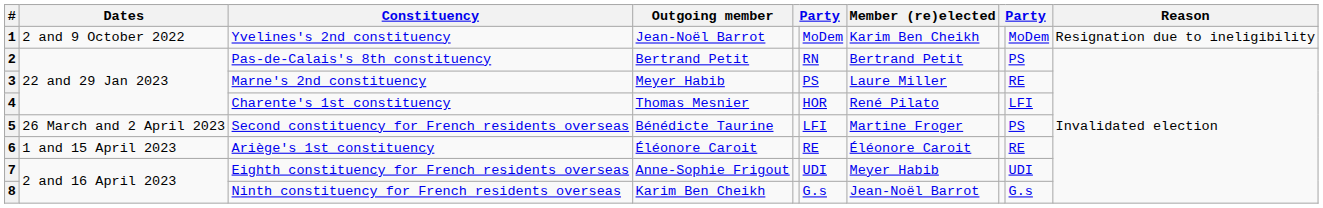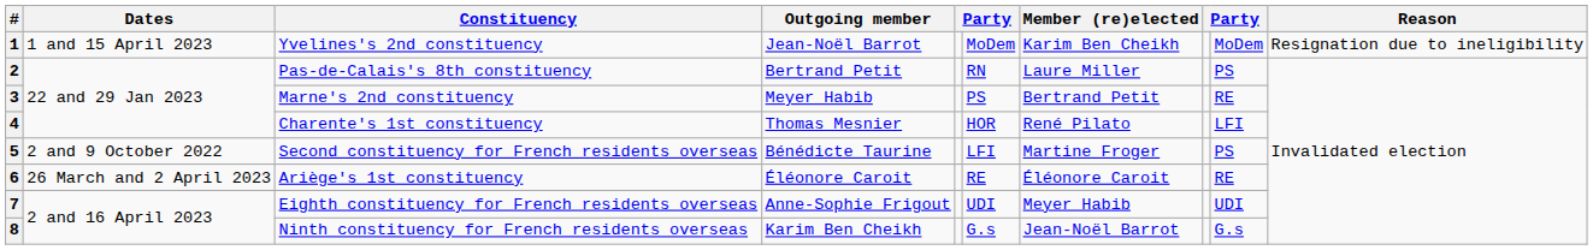 <table class="wikitable">
 <tr>
 <th>#</th>
 <th>Dates</th>
 <th><a href='#'>Constituency</a></th>
 <th>Outgoing member</th>
 <th colspan="2"><a href='#'>Party</a></th>
 <th>Member (re)elected</th>
 <th colspan="2"><a href='#'>Party</a></th>
 <th>Reason</th>
 </tr>
 <tr>
 <th>1</th>
-<td>2 and 9 October 2022</td>
+<td>1 and 15 April 2023</td>
 <td><a href='#'>Yvelines's 2nd constituency</a></td>
 <td><a href='#'>Jean-Noël Barrot</a></td>
 <td style="background:"></td>
 <td><a href='#'>MoDem</a></td>
 <td><a href='#'>Karim Ben Cheikh</a></td>
 <td style="background:"></td>
 <td><a href='#'>MoDem</a></td>
 <td>Resignation due to ineligibility</td>
 </tr>
 <tr>
 <th>2</th>
 <td rowspan="3">22 and 29 <abbr>Jan</abbr> 2023</td>
 <td><a href='#'>Pas-de-Calais's 8th constituency</a></td>
 <td><a href='#'>Bertrand Petit</a></td>
 <td style="background:"></td>
 <td><a href='#'>RN</a></td>
-<td><a href='#'>Bertrand Petit</a></td>
+<td><a href='#'>Laure Miller</a></td>
 <td style="background:"></td>
 <td><a href='#'>PS</a></td>
 <td rowspan="7">Invalidated election</td>
 </tr>
 <tr>
 <th>3</th>
 <td><a href='#'>Marne's 2nd constituency</a></td>
 <td><a href='#'>Meyer Habib</a></td>
 <td style="background:"></td>
 <td><a href='#'>PS</a></td>
-<td><a href='#'>Laure Miller</a></td>
+<td><a href='#'>Bertrand Petit</a></td>
 <td style="background:"></td>
 <td><a href='#'>RE</a></td>
 </tr>
 <tr>
 <th>4</th>
 <td><a href='#'>Charente's 1st constituency</a></td>
 <td><a href='#'>Thomas Mesnier</a></td>
 <td style="background:"></td>
 <td><a href='#'>HOR</a></td>
 <td><a href='#'>René Pilato</a></td>
 <td style="background:"></td>
 <td><a href='#'>LFI</a></td>
 </tr>
 <tr>
 <th>5</th>
-<td>26 March and 2 April 2023</td>
+<td>2 and 9 October 2022</td>
 <td><a href='#'>Second constituency for French residents overseas</a></td>
 <td><a href='#'>Bénédicte Taurine</a></td>
 <td style="background:"></td>
 <td><a href='#'>LFI</a></td>
 <td><a href='#'>Martine Froger</a></td>
 <td style="background:"></td>
 <td><a href='#'>PS</a></td>
 </tr>
 <tr>
 <th>6</th>
-<td>1 and 15 April 2023</td>
+<td>26 March and 2 April 2023</td>
 <td><a href='#'>Ariège's 1st constituency</a></td>
 <td><a href='#'>Éléonore Caroit</a></td>
 <td style="background:"></td>
 <td><a href='#'>RE</a></td>
 <td><a href='#'>Éléonore Caroit</a></td>
 <td style="background:"></td>
 <td><a href='#'>RE</a></td>
 </tr>
 <tr>
 <th>7</th>
 <td rowspan="2">2 and 16 April 2023</td>
 <td><a href='#'>Eighth constituency for French residents overseas</a></td>
 <td><a href='#'>Anne-Sophie Frigout</a></td>
 <td style="background:"></td>
 <td><a href='#'>UDI</a></td>
 <td><a href='#'>Meyer Habib</a></td>
 <td style="background:"></td>
 <td><a href='#'>UDI</a></td>
 </tr>
 <tr>
 <th>8</th>
 <td><a href='#'>Ninth constituency for French residents overseas</a></td>
 <td><a href='#'>Karim Ben Cheikh</a></td>
 <td style="background:"></td>
 <td><a href='#'>G.s</a></td>
 <td><a href='#'>Jean-Noël Barrot</a></td>
 <td style="background:"></td>
 <td><a href='#'>G.s</a></td>
 </tr>
 </table>
